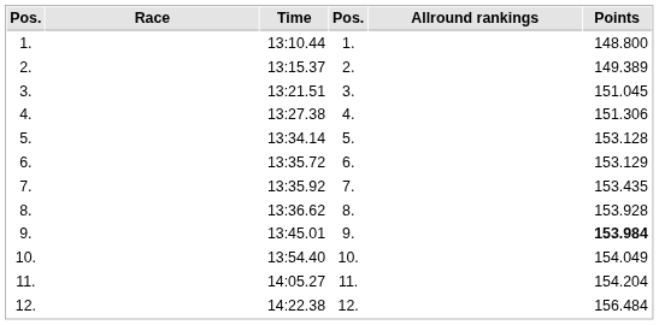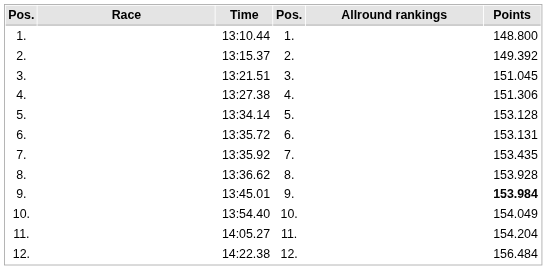 <table cellspacing="1" cellpadding="3" style="border:1px solid #AAAAAA;font-size:90%">
 <tr bgcolor="#E4E4E4">
 <th style="border-bottom:1px solid #AAAAAA" width=10>Pos.</th>
 <th style="border-bottom:1px solid #AAAAAA" width=200>Race</th>
 <th style="border-bottom:1px solid #AAAAAA" width=60>Time</th>
 <th style="border-bottom:1px solid #AAAAAA" width=10>Pos.</th>
 <th style="border-bottom:1px solid #AAAAAA" width=200>Allround rankings</th>
 <th style="border-bottom:1px solid #AAAAAA" width=60>Points</th>
 </tr>
 <tr>
 <td align="center">1.</td>
 <td></td>
 <td align="right">13:10.44</td>
 <td align="center">1.</td>
 <td></td>
 <td align="right">148.800</td>
 </tr>
 <tr>
 <td align="center">2.</td>
 <td></td>
 <td align="right">13:15.37</td>
 <td align="center">2.</td>
 <td></td>
-<td align="right">149.389</td>
+<td align="right">149.392</td>
 </tr>
 <tr>
 <td align="center">3.</td>
 <td></td>
 <td align="right">13:21.51</td>
 <td align="center">3.</td>
 <td></td>
 <td align="right">151.045</td>
 </tr>
 <tr>
 <td align="center">4.</td>
 <td></td>
 <td align="right">13:27.38</td>
 <td align="center">4.</td>
 <td></td>
 <td align="right">151.306</td>
 </tr>
 <tr>
 <td align="center">5.</td>
 <td></td>
 <td align="right">13:34.14</td>
 <td align="center">5.</td>
 <td></td>
 <td align="right">153.128</td>
 </tr>
 <tr>
 <td align="center">6.</td>
 <td></td>
 <td align="right">13:35.72</td>
 <td align="center">6.</td>
 <td></td>
-<td align="right">153.129</td>
+<td align="right">153.131</td>
 </tr>
 <tr>
 <td align="center">7.</td>
 <td></td>
 <td align="right">13:35.92</td>
 <td align="center">7.</td>
 <td></td>
 <td align="right">153.435</td>
 </tr>
 <tr>
 <td align="center">8.</td>
 <td></td>
 <td align="right">13:36.62</td>
 <td align="center">8.</td>
 <td></td>
 <td align="right">153.928</td>
 </tr>
 <tr>
 <td align="center">9.</td>
 <td></td>
 <td align="right">13:45.01</td>
 <td align="center">9.</td>
 <td></td>
 <td align="right"><strong>153.984</strong></td>
 </tr>
 <tr>
 <td align="center">10.</td>
 <td></td>
 <td align="right">13:54.40</td>
 <td align="center">10.</td>
 <td></td>
 <td align="right">154.049</td>
 </tr>
 <tr>
 <td align="center">11.</td>
 <td></td>
 <td align="right">14:05.27</td>
 <td align="center">11.</td>
 <td></td>
 <td align="right">154.204</td>
 </tr>
 <tr>
 <td align="center">12.</td>
 <td></td>
 <td align="right">14:22.38</td>
 <td align="center">12.</td>
 <td></td>
 <td align="right">156.484</td>
 </tr>
 <tr>
 </tr>
 </table>
